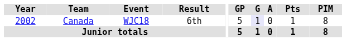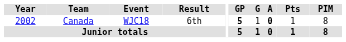 <table border="0" cellpadding="1" cellspacing="0" ID="Table3" style="text-align:center; width:40em">
 <tr ALIGN="centre" bgcolor="#e0e0e0">
 <th>Year</th>
 <th>Team</th>
 <th>Event</th>
 <th>Result</th>
 <th rowspan="99" bgcolor="#ffffff"></th>
 <th>GP</th>
 <th>G</th>
 <th>A</th>
 <th>Pts</th>
 <th>PIM</th>
 </tr>
 <tr>
 <td><a href='#'>2002</a></td>
 <td><a href='#'>Canada</a></td>
 <td><a href='#'>WJC18</a></td>
 <td>6th</td>
-<td>5</td>
-<td style="background: lavender;">1</td>
-<td>0</td>
+<td><strong>5</strong></td>
+<td>1</td>
+<td><strong>0</strong></td>
 <td>1</td>
 <td>8</td>
 </tr>
 <tr bgcolor="#e0e0e0">
 <th colspan=4>Junior totals</th>
 <th>5</th>
 <th>1</th>
 <th>0</th>
 <th>1</th>
 <th>8</th>
 </tr>
 </table>
